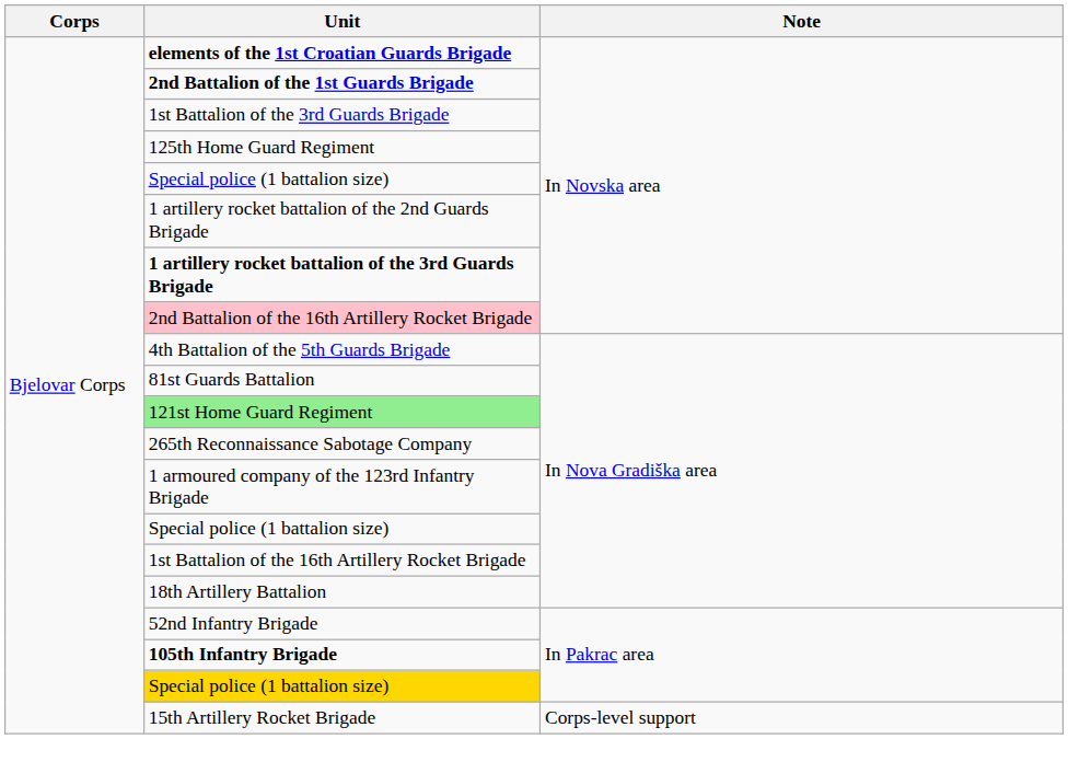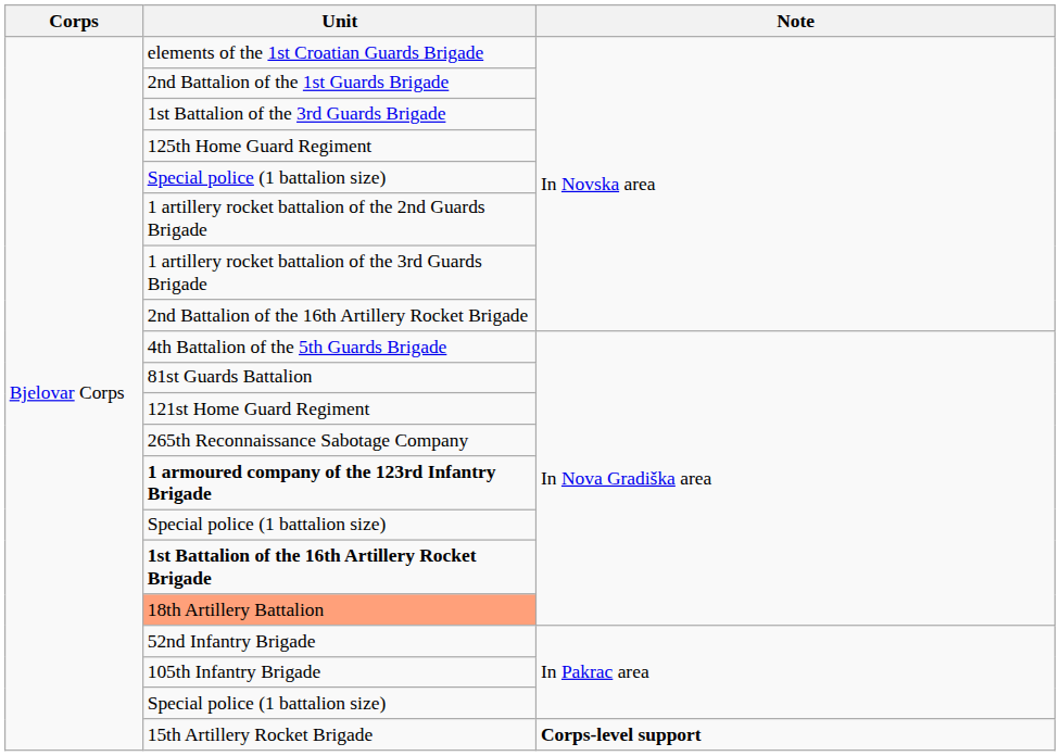 <table class="plainrowheaders wikitable collapsible collapsed" style="cellspacing=2px; text-align:left; font-size:90%;" width=800px>
 <tr style="font-size:100%; text-align:right;">
 <th style="width:100px;" scope="col">Corps</th>
 <th style="width:300px;" scope="col">Unit</th>
 <th style="width:400px;" scope="col">Note</th>
 </tr>
 <tr>
 <td rowspan=20 style=text-align:left><a href='#'>Bjelovar</a> Corps</td>
-<td><strong>elements of the <a href='#'>1st Croatian Guards Brigade</a></strong></td>
+<td>elements of the <a href='#'>1st Croatian Guards Brigade</a></td>
 <td rowspan=8>In <a href='#'>Novska</a> area</td>
 </tr>
 <tr>
-<td><strong>2nd Battalion of the <a href='#'>1st Guards Brigade</a></strong></td>
+<td>2nd Battalion of the <a href='#'>1st Guards Brigade</a></td>
 </tr>
 <tr>
 <td>1st Battalion of the <a href='#'>3rd Guards Brigade</a></td>
 </tr>
 <tr>
 <td>125th Home Guard Regiment</td>
 </tr>
 <tr>
 <td><a href='#'>Special police</a> (1 battalion size)</td>
 </tr>
 <tr>
 <td>1 artillery rocket battalion of the 2nd Guards Brigade</td>
 </tr>
 <tr>
-<td><strong>1 artillery rocket battalion of the 3rd Guards Brigade</strong></td>
+<td>1 artillery rocket battalion of the 3rd Guards Brigade</td>
 </tr>
 <tr>
-<td style="background: pink;">2nd Battalion of the 16th Artillery Rocket Brigade</td>
+<td>2nd Battalion of the 16th Artillery Rocket Brigade</td>
 </tr>
 <tr>
 <td>4th Battalion of the <a href='#'>5th Guards Brigade</a></td>
 <td rowspan="8">In <a href='#'>Nova Gradiška</a> area</td>
 </tr>
 <tr>
 <td>81st Guards Battalion</td>
 </tr>
 <tr>
-<td style="background: lightgreen;">121st Home Guard Regiment</td>
+<td>121st Home Guard Regiment</td>
 </tr>
 <tr>
 <td>265th Reconnaissance Sabotage Company</td>
 </tr>
 <tr>
-<td>1 armoured company of the 123rd Infantry Brigade</td>
+<td><strong>1 armoured company of the 123rd Infantry Brigade</strong></td>
 </tr>
 <tr>
 <td>Special police (1 battalion size)</td>
 </tr>
 <tr>
-<td>1st Battalion of the 16th Artillery Rocket Brigade</td>
+<td><strong>1st Battalion of the 16th Artillery Rocket Brigade</strong></td>
 </tr>
 <tr>
-<td>18th Artillery Battalion</td>
+<td style="background: lightsalmon;">18th Artillery Battalion</td>
 </tr>
 <tr>
 <td>52nd Infantry Brigade</td>
 <td rowspan=3>In <a href='#'>Pakrac</a> area</td>
 </tr>
 <tr>
-<td><strong>105th Infantry Brigade</strong></td>
+<td>105th Infantry Brigade</td>
 </tr>
 <tr>
-<td style="background: gold;">Special police (1 battalion size)</td>
+<td>Special police (1 battalion size)</td>
 </tr>
 <tr>
 <td>15th Artillery Rocket Brigade</td>
-<td>Corps-level support</td>
+<td><strong>Corps-level support</strong></td>
 </tr>
 </table>
